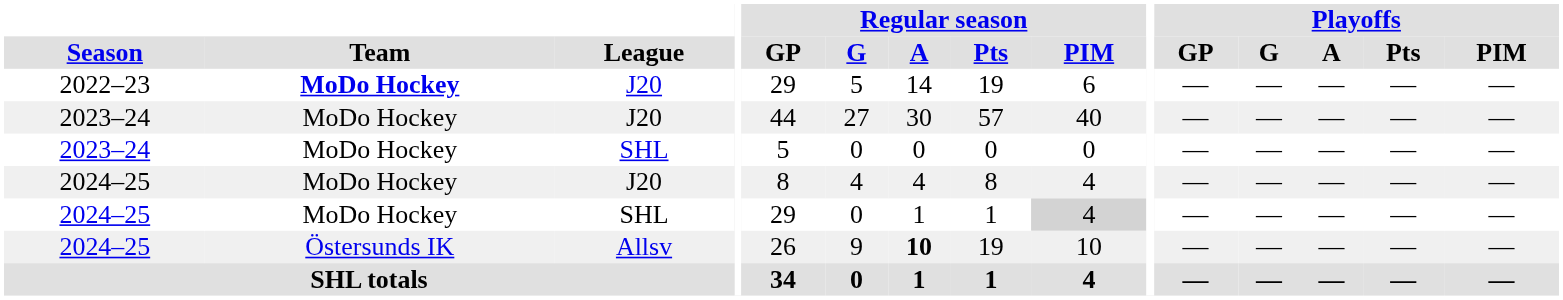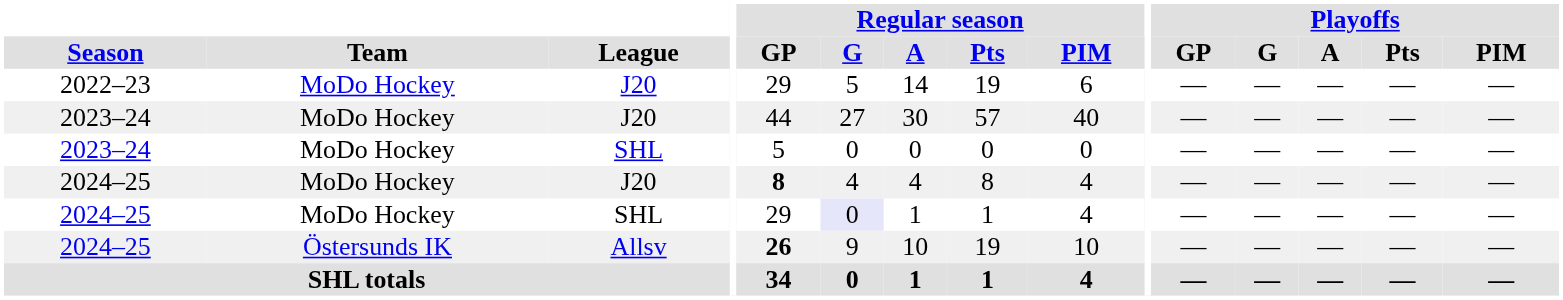 <table border="0" cellpadding="1" cellspacing="0" style="text-align:center; width:60em;">
 <tr bgcolor="#e0e0e0">
 <th colspan="3" bgcolor="#ffffff"></th>
 <th rowspan="94" bgcolor="#ffffff"></th>
 <th colspan="5"><a href='#'>Regular season</a></th>
 <th rowspan="94" bgcolor="#ffffff"></th>
 <th colspan="5"><a href='#'>Playoffs</a></th>
 </tr>
 <tr bgcolor="#e0e0e0">
 <th><a href='#'>Season</a></th>
 <th>Team</th>
 <th>League</th>
 <th>GP</th>
 <th><a href='#'>G</a></th>
 <th><a href='#'>A</a></th>
 <th><a href='#'>Pts</a></th>
 <th><a href='#'>PIM</a></th>
 <th>GP</th>
 <th>G</th>
 <th>A</th>
 <th>Pts</th>
 <th>PIM</th>
 </tr>
 <tr>
 <td>2022–23</td>
-<td><strong><a href='#'>MoDo Hockey</a></strong></td>
+<td><a href='#'>MoDo Hockey</a></td>
 <td><a href='#'>J20</a></td>
 <td>29</td>
 <td>5</td>
 <td>14</td>
 <td>19</td>
 <td>6</td>
 <td>—</td>
 <td>—</td>
 <td>—</td>
 <td>—</td>
 <td>—</td>
 </tr>
 <tr bgcolor="f0f0f0">
 <td>2023–24</td>
 <td>MoDo Hockey</td>
 <td>J20</td>
 <td>44</td>
 <td>27</td>
 <td>30</td>
 <td>57</td>
 <td>40</td>
 <td>—</td>
 <td>—</td>
 <td>—</td>
 <td>—</td>
 <td>—</td>
 </tr>
 <tr>
 <td><a href='#'>2023–24</a></td>
 <td>MoDo Hockey</td>
 <td><a href='#'>SHL</a></td>
 <td>5</td>
 <td>0</td>
 <td>0</td>
 <td>0</td>
 <td>0</td>
 <td>—</td>
 <td>—</td>
 <td>—</td>
 <td>—</td>
 <td>—</td>
 </tr>
 <tr bgcolor="f0f0f0">
 <td>2024–25</td>
 <td>MoDo Hockey</td>
 <td>J20</td>
-<td>8</td>
+<td><strong>8</strong></td>
 <td>4</td>
 <td>4</td>
 <td>8</td>
 <td>4</td>
 <td>—</td>
 <td>—</td>
 <td>—</td>
 <td>—</td>
 <td>—</td>
 </tr>
 <tr>
 <td><a href='#'>2024–25</a></td>
 <td>MoDo Hockey</td>
 <td>SHL</td>
 <td>29</td>
-<td>0</td>
+<td style="background: lavender;">0</td>
 <td>1</td>
 <td>1</td>
-<td style="background: lightgrey;">4</td>
+<td>4</td>
 <td>—</td>
 <td>—</td>
 <td>—</td>
 <td>—</td>
 <td>—</td>
 </tr>
 <tr bgcolor="f0f0f0">
 <td><a href='#'>2024–25</a></td>
 <td><a href='#'>Östersunds IK</a></td>
 <td><a href='#'>Allsv</a></td>
-<td>26</td>
+<td><strong>26</strong></td>
 <td>9</td>
-<td><strong>10</strong></td>
+<td>10</td>
 <td>19</td>
 <td>10</td>
 <td>—</td>
 <td>—</td>
 <td>—</td>
 <td>—</td>
 <td>—</td>
 </tr>
 <tr bgcolor="#e0e0e0">
 <th colspan="3">SHL totals</th>
 <th>34</th>
 <th>0</th>
 <th>1</th>
 <th>1</th>
 <th>4</th>
 <th>—</th>
 <th>—</th>
 <th>—</th>
 <th>—</th>
 <th>—</th>
 </tr>
 </table>
